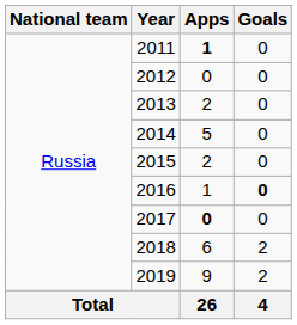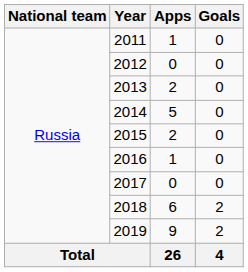 <table class=wikitable style=text-align:center>
 <tr>
 <th>National team</th>
 <th>Year</th>
 <th>Apps</th>
 <th>Goals</th>
 </tr>
 <tr>
 <td rowspan=9><a href='#'>Russia</a></td>
 <td>2011</td>
-<td><strong>1</strong></td>
+<td>1</td>
 <td>0</td>
 </tr>
 <tr>
 <td>2012</td>
 <td>0</td>
 <td>0</td>
 </tr>
 <tr>
 <td>2013</td>
 <td>2</td>
 <td>0</td>
 </tr>
 <tr>
 <td>2014</td>
 <td>5</td>
 <td>0</td>
 </tr>
 <tr>
 <td>2015</td>
 <td>2</td>
 <td>0</td>
 </tr>
 <tr>
 <td>2016</td>
 <td>1</td>
-<td><strong>0</strong></td>
+<td>0</td>
 </tr>
 <tr>
 <td>2017</td>
-<td><strong>0</strong></td>
+<td>0</td>
 <td>0</td>
 </tr>
 <tr>
 <td>2018</td>
 <td>6</td>
 <td>2</td>
 </tr>
 <tr>
 <td>2019</td>
 <td>9</td>
 <td>2</td>
 </tr>
 <tr>
 <th colspan=2>Total</th>
 <th>26</th>
 <th>4</th>
 </tr>
 </table>
